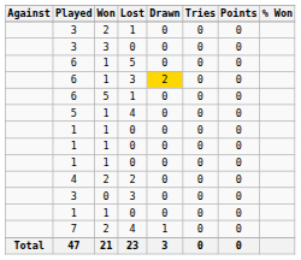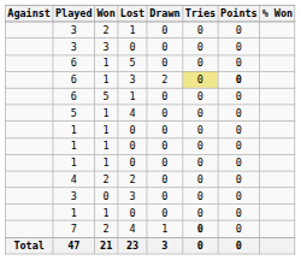 <table class="sortable wikitable" style="text-align: center;">
 <tr>
 </tr>
 <tr>
 <th>Against</th>
 <th>Played</th>
 <th>Won</th>
 <th>Lost</th>
 <th>Drawn</th>
 <th>Tries</th>
 <th>Points</th>
 <th>% Won</th>
 </tr>
 <tr bgcolor="#d0ffd0" align="center">
 </tr>
 <tr>
 <td align="left"></td>
 <td>3</td>
 <td>2</td>
 <td>1</td>
 <td>0</td>
 <td>0</td>
 <td>0</td>
 <td></td>
 </tr>
 <tr>
 <td align="left"></td>
 <td>3</td>
 <td>3</td>
 <td>0</td>
 <td>0</td>
 <td>0</td>
 <td>0</td>
 <td></td>
 </tr>
 <tr>
 <td align="left"></td>
 <td>6</td>
 <td>1</td>
 <td>5</td>
 <td>0</td>
 <td>0</td>
 <td>0</td>
 <td></td>
 </tr>
 <tr>
 <td align="left"></td>
 <td>6</td>
 <td>1</td>
 <td>3</td>
-<td style="background: gold;">2</td>
-<td>0</td>
-<td>0</td>
+<td>2</td>
+<td style="background: khaki;">0</td>
+<td><strong>0</strong></td>
 <td></td>
 </tr>
 <tr>
 <td align="left"></td>
 <td>6</td>
 <td>5</td>
 <td>1</td>
 <td>0</td>
 <td>0</td>
 <td>0</td>
 <td></td>
 </tr>
 <tr>
 <td align="left"></td>
 <td>5</td>
 <td>1</td>
 <td>4</td>
 <td>0</td>
 <td>0</td>
 <td>0</td>
 <td></td>
 </tr>
 <tr>
 <td align="left"></td>
 <td>1</td>
 <td>1</td>
 <td>0</td>
 <td>0</td>
 <td>0</td>
 <td>0</td>
 <td></td>
 </tr>
 <tr>
 <td align="left"></td>
 <td>1</td>
 <td>1</td>
 <td>0</td>
 <td>0</td>
 <td>0</td>
 <td>0</td>
 <td></td>
 </tr>
 <tr>
 <td align="left"></td>
 <td>1</td>
 <td>1</td>
 <td>0</td>
 <td>0</td>
 <td>0</td>
 <td>0</td>
 <td></td>
 </tr>
 <tr>
 <td align="left"></td>
 <td>4</td>
 <td>2</td>
 <td>2</td>
 <td>0</td>
 <td>0</td>
 <td>0</td>
 <td></td>
 </tr>
 <tr>
 <td align="left"></td>
 <td>3</td>
 <td>0</td>
 <td>3</td>
 <td>0</td>
 <td>0</td>
 <td>0</td>
 <td></td>
 </tr>
 <tr>
 <td align="left"></td>
 <td>1</td>
 <td>1</td>
 <td>0</td>
 <td>0</td>
 <td>0</td>
 <td>0</td>
 <td></td>
 </tr>
 <tr>
 <td align="left"></td>
 <td>7</td>
 <td>2</td>
 <td>4</td>
 <td>1</td>
-<td>0</td>
+<td><strong>0</strong></td>
 <td>0</td>
 <td></td>
 </tr>
 <tr>
 </tr>
 <tr class="sortbottom">
 <th>Total</th>
 <th>47</th>
 <th>21</th>
 <th>23</th>
 <th>3</th>
 <th>0</th>
 <th>0</th>
 <th></th>
 </tr>
 </table>
